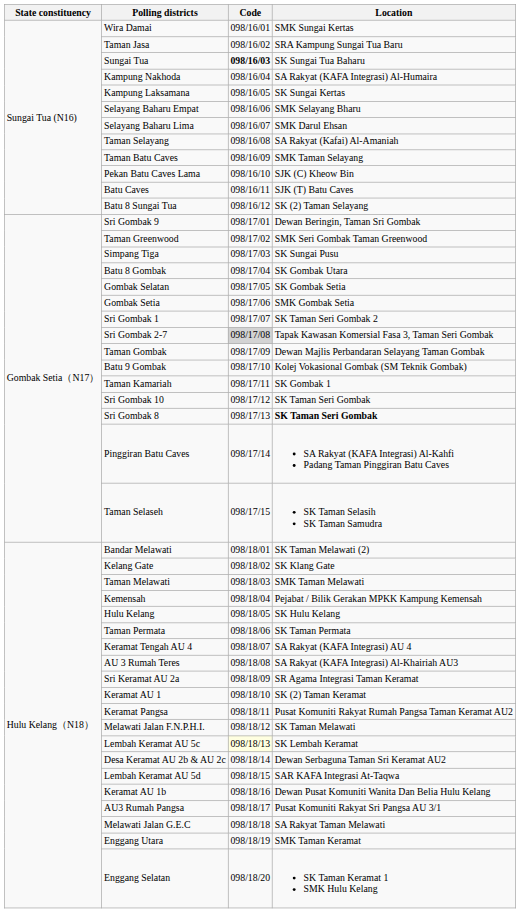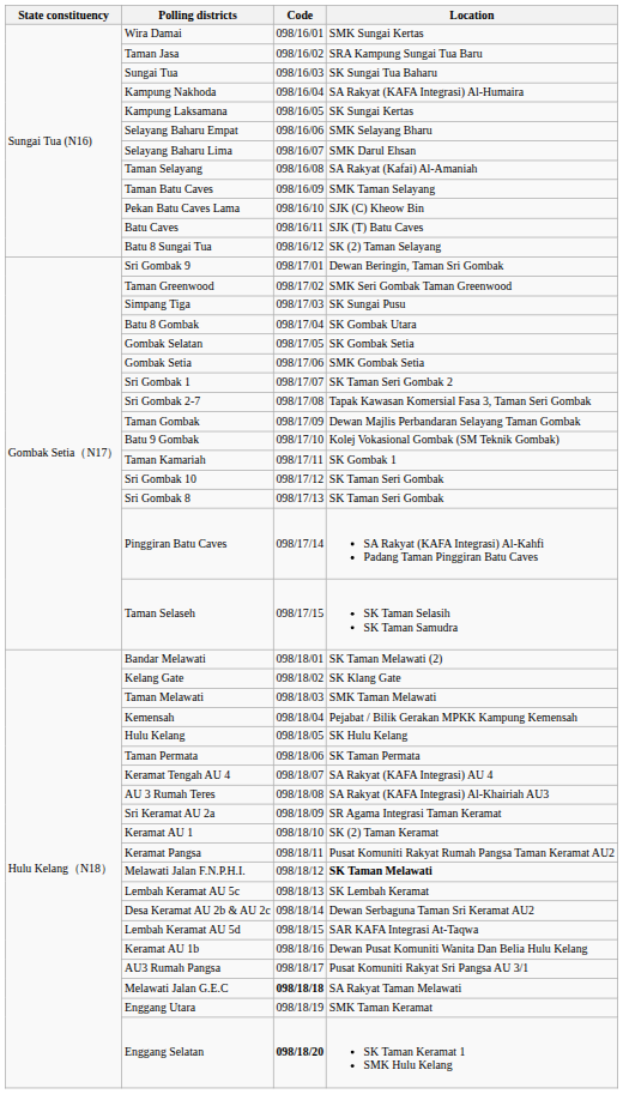 <table class="wikitable sortable mw-collapsible" style="white-space:nowrap;font-size:85%">
 <tr>
 <th>State constituency</th>
 <th>Polling districts</th>
 <th>Code</th>
 <th>Location</th>
 </tr>
 <tr>
 <td rowspan="12">Sungai Tua (N16)</td>
 <td>Wira Damai</td>
 <td>098/16/01</td>
 <td>SMK Sungai Kertas</td>
 </tr>
 <tr>
 <td>Taman Jasa</td>
 <td>098/16/02</td>
 <td>SRA Kampung Sungai Tua Baru</td>
 </tr>
 <tr>
 <td>Sungai Tua</td>
-<td><strong>098/16/03</strong></td>
+<td>098/16/03</td>
 <td>SK Sungai Tua Baharu</td>
 </tr>
 <tr>
 <td>Kampung Nakhoda</td>
 <td>098/16/04</td>
 <td>SA Rakyat (KAFA Integrasi) Al-Humaira</td>
 </tr>
 <tr>
 <td>Kampung Laksamana</td>
 <td>098/16/05</td>
 <td>SK Sungai Kertas</td>
 </tr>
 <tr>
 <td>Selayang Baharu Empat</td>
 <td>098/16/06</td>
 <td>SMK Selayang Bharu</td>
 </tr>
 <tr>
 <td>Selayang Baharu Lima</td>
 <td>098/16/07</td>
 <td>SMK Darul Ehsan</td>
 </tr>
 <tr>
 <td>Taman Selayang</td>
 <td>098/16/08</td>
 <td>SA Rakyat (Kafai) Al-Amaniah</td>
 </tr>
 <tr>
 <td>Taman Batu Caves</td>
 <td>098/16/09</td>
 <td>SMK Taman Selayang</td>
 </tr>
 <tr>
 <td>Pekan Batu Caves Lama</td>
 <td>098/16/10</td>
 <td>SJK (C) Kheow Bin</td>
 </tr>
 <tr>
 <td>Batu Caves</td>
 <td>098/16/11</td>
 <td>SJK (T) Batu Caves</td>
 </tr>
 <tr>
 <td>Batu 8 Sungai Tua</td>
 <td>098/16/12</td>
 <td>SK (2) Taman Selayang</td>
 </tr>
 <tr>
 <td rowspan="15">Gombak Setia（N17）</td>
 <td>Sri Gombak 9</td>
 <td>098/17/01</td>
 <td>Dewan Beringin, Taman Sri Gombak</td>
 </tr>
 <tr>
 <td>Taman Greenwood</td>
 <td>098/17/02</td>
 <td>SMK Seri Gombak Taman Greenwood</td>
 </tr>
 <tr>
 <td>Simpang Tiga</td>
 <td>098/17/03</td>
 <td>SK Sungai Pusu</td>
 </tr>
 <tr>
 <td>Batu 8 Gombak</td>
 <td>098/17/04</td>
 <td>SK Gombak Utara</td>
 </tr>
 <tr>
 <td>Gombak Selatan</td>
 <td>098/17/05</td>
 <td>SK Gombak Setia</td>
 </tr>
 <tr>
 <td>Gombak Setia</td>
 <td>098/17/06</td>
 <td>SMK Gombak Setia</td>
 </tr>
 <tr>
 <td>Sri Gombak 1</td>
 <td>098/17/07</td>
 <td>SK Taman Seri Gombak 2</td>
 </tr>
 <tr>
 <td>Sri Gombak 2-7</td>
-<td style="background: lightgrey;">098/17/08</td>
+<td>098/17/08</td>
 <td>Tapak Kawasan Komersial Fasa 3, Taman Seri Gombak</td>
 </tr>
 <tr>
 <td>Taman Gombak</td>
 <td>098/17/09</td>
 <td>Dewan Majlis Perbandaran Selayang Taman Gombak</td>
 </tr>
 <tr>
 <td>Batu 9 Gombak</td>
 <td>098/17/10</td>
 <td>Kolej Vokasional Gombak (SM Teknik Gombak)</td>
 </tr>
 <tr>
 <td>Taman Kamariah</td>
 <td>098/17/11</td>
 <td>SK Gombak 1</td>
 </tr>
 <tr>
 <td>Sri Gombak 10</td>
 <td>098/17/12</td>
 <td>SK Taman Seri Gombak</td>
 </tr>
 <tr>
 <td>Sri Gombak 8</td>
 <td>098/17/13</td>
-<td><strong>SK Taman Seri Gombak</strong></td>
+<td>SK Taman Seri Gombak</td>
 </tr>
 <tr>
 <td>Pinggiran Batu Caves</td>
 <td>098/17/14</td>
 <td><br><ul><li>SA Rakyat (KAFA Integrasi) Al-Kahfi</li><li>Padang Taman Pinggiran Batu Caves</li></ul></td>
 </tr>
 <tr>
 <td>Taman Selaseh</td>
 <td>098/17/15</td>
 <td><br><ul><li>SK Taman Selasih</li><li>SK Taman Samudra</li></ul></td>
 </tr>
 <tr>
 <td rowspan="20">Hulu Kelang（N18）</td>
 <td>Bandar Melawati</td>
 <td>098/18/01</td>
 <td>SK Taman Melawati (2)</td>
 </tr>
 <tr>
 <td>Kelang Gate</td>
 <td>098/18/02</td>
 <td>SK Klang Gate</td>
 </tr>
 <tr>
 <td>Taman Melawati</td>
 <td>098/18/03</td>
 <td>SMK Taman Melawati</td>
 </tr>
 <tr>
 <td>Kemensah</td>
 <td>098/18/04</td>
 <td>Pejabat / Bilik Gerakan MPKK Kampung Kemensah</td>
 </tr>
 <tr>
 <td>Hulu Kelang</td>
 <td>098/18/05</td>
 <td>SK Hulu Kelang</td>
 </tr>
 <tr>
 <td>Taman Permata</td>
 <td>098/18/06</td>
 <td>SK Taman Permata</td>
 </tr>
 <tr>
 <td>Keramat Tengah AU 4</td>
 <td>098/18/07</td>
 <td>SA Rakyat (KAFA Integrasi) AU 4</td>
 </tr>
 <tr>
 <td>AU 3 Rumah Teres</td>
 <td>098/18/08</td>
 <td>SA Rakyat (KAFA Integrasi) Al-Khairiah AU3</td>
 </tr>
 <tr>
 <td>Sri Keramat AU 2a</td>
 <td>098/18/09</td>
 <td>SR Agama Integrasi Taman Keramat</td>
 </tr>
 <tr>
 <td>Keramat AU 1</td>
 <td>098/18/10</td>
 <td>SK (2) Taman Keramat</td>
 </tr>
 <tr>
 <td>Keramat Pangsa</td>
 <td>098/18/11</td>
 <td>Pusat Komuniti Rakyat Rumah Pangsa Taman Keramat AU2</td>
 </tr>
 <tr>
 <td>Melawati Jalan F.N.P.H.I.</td>
 <td>098/18/12</td>
-<td>SK Taman Melawati</td>
+<td><strong>SK Taman Melawati</strong></td>
 </tr>
 <tr>
 <td>Lembah Keramat AU 5c</td>
-<td style="background: lightyellow;">098/18/13</td>
+<td>098/18/13</td>
 <td>SK Lembah Keramat</td>
 </tr>
 <tr>
 <td>Desa Keramat AU 2b & AU 2c</td>
 <td>098/18/14</td>
 <td>Dewan Serbaguna Taman Sri Keramat AU2</td>
 </tr>
 <tr>
 <td>Lembah Keramat AU 5d</td>
 <td>098/18/15</td>
 <td>SAR KAFA Integrasi At-Taqwa</td>
 </tr>
 <tr>
 <td>Keramat AU 1b</td>
 <td>098/18/16</td>
 <td>Dewan Pusat Komuniti Wanita Dan Belia Hulu Kelang</td>
 </tr>
 <tr>
 <td>AU3 Rumah Pangsa</td>
 <td>098/18/17</td>
 <td>Pusat Komuniti Rakyat Sri Pangsa AU 3/1</td>
 </tr>
 <tr>
 <td>Melawati Jalan G.E.C</td>
-<td>098/18/18</td>
+<td><strong>098/18/18</strong></td>
 <td>SA Rakyat Taman Melawati</td>
 </tr>
 <tr>
 <td>Enggang Utara</td>
 <td>098/18/19</td>
 <td>SMK Taman Keramat</td>
 </tr>
 <tr>
 <td>Enggang Selatan</td>
-<td>098/18/20</td>
+<td><strong>098/18/20</strong></td>
 <td><br><ul><li>SK Taman Keramat 1</li><li>SMK Hulu Kelang</li></ul></td>
 </tr>
 </table>
